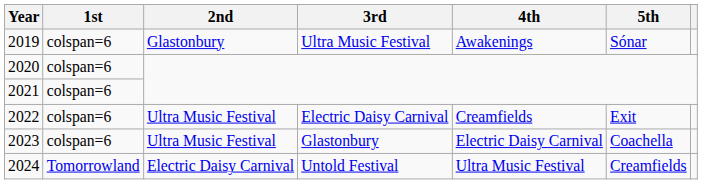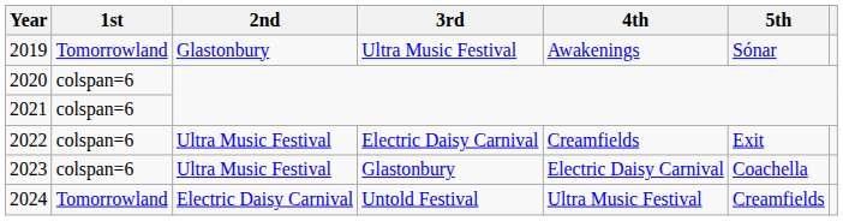 <table class="wikitable">
 <tr>
 <th>Year</th>
 <th>1st</th>
 <th>2nd</th>
 <th>3rd</th>
 <th>4th</th>
 <th>5th</th>
 <th></th>
 </tr>
 <tr>
 <td>2019</td>
-<td>colspan=6 </td>
+<td><a href='#'>Tomorrowland</a></td>
 <td><a href='#'>Glastonbury</a></td>
 <td><a href='#'>Ultra Music Festival</a></td>
 <td><a href='#'>Awakenings</a></td>
 <td><a href='#'>Sónar</a></td>
 <td></td>
 </tr>
 <tr>
 <td>2020</td>
 <td>colspan=6 </td>
 </tr>
 <tr>
 <td>2021</td>
 <td>colspan=6 </td>
 </tr>
 <tr>
 <td>2022</td>
 <td>colspan=6 </td>
 <td><a href='#'>Ultra Music Festival</a></td>
 <td><a href='#'>Electric Daisy Carnival</a></td>
 <td><a href='#'>Creamfields</a></td>
 <td><a href='#'>Exit</a></td>
 <td></td>
 </tr>
 <tr>
 <td>2023</td>
 <td>colspan=6 </td>
 <td><a href='#'>Ultra Music Festival</a></td>
 <td><a href='#'>Glastonbury</a></td>
 <td><a href='#'>Electric Daisy Carnival</a></td>
 <td><a href='#'>Coachella</a></td>
 <td></td>
 </tr>
 <tr>
 <td>2024</td>
 <td><a href='#'>Tomorrowland</a></td>
 <td><a href='#'>Electric Daisy Carnival</a></td>
 <td><a href='#'>Untold Festival</a></td>
 <td><a href='#'>Ultra Music Festival</a></td>
 <td><a href='#'>Creamfields</a></td>
 <td></td>
 </tr>
 </table>
